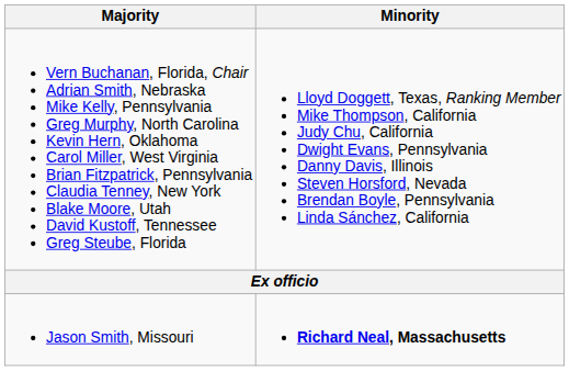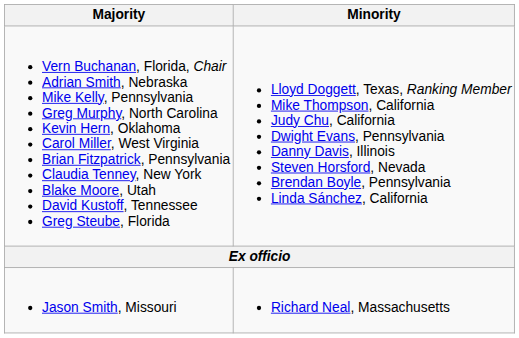 <table class=wikitable>
 <tr>
 <th>Majority</th>
 <th>Minority</th>
 </tr>
 <tr>
 <td><br><ul><li><a href='#'>Vern Buchanan</a>, Florida, <em>Chair</em></li><li><a href='#'>Adrian Smith</a>, Nebraska</li><li><a href='#'>Mike Kelly</a>, Pennsylvania</li><li><a href='#'>Greg Murphy</a>, North Carolina</li><li><a href='#'>Kevin Hern</a>, Oklahoma</li><li><a href='#'>Carol Miller</a>, West Virginia</li><li><a href='#'>Brian Fitzpatrick</a>, Pennsylvania</li><li><a href='#'>Claudia Tenney</a>, New York</li><li><a href='#'>Blake Moore</a>, Utah</li><li><a href='#'>David Kustoff</a>, Tennessee</li><li><a href='#'>Greg Steube</a>, Florida</li></ul></td>
 <td><br><ul><li><a href='#'>Lloyd Doggett</a>, Texas, <em>Ranking Member</em></li><li><a href='#'>Mike Thompson</a>, California</li><li><a href='#'>Judy Chu</a>, California</li><li><a href='#'>Dwight Evans</a>, Pennsylvania</li><li><a href='#'>Danny Davis</a>, Illinois</li><li><a href='#'>Steven Horsford</a>, Nevada</li><li><a href='#'>Brendan Boyle</a>, Pennsylvania</li><li><a href='#'>Linda Sánchez</a>, California</li></ul></td>
 </tr>
 <tr>
 <th colspan=2><em>Ex officio</em></th>
 </tr>
 <tr>
 <td><br><ul><li><a href='#'>Jason Smith</a>, Missouri</li></ul></td>
-<td><strong><br><ul><li><a href='#'>Richard Neal</a>, Massachusetts</li></ul></strong></td>
+<td><br><ul><li><a href='#'>Richard Neal</a>, Massachusetts</li></ul></td>
 </tr>
 </table>
